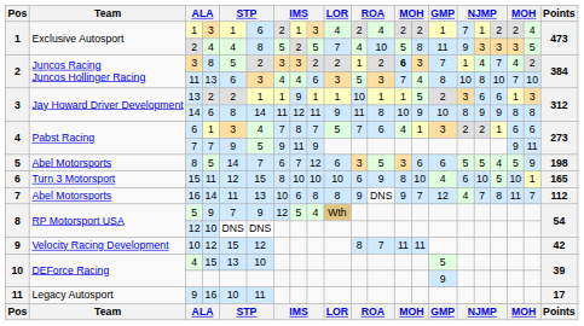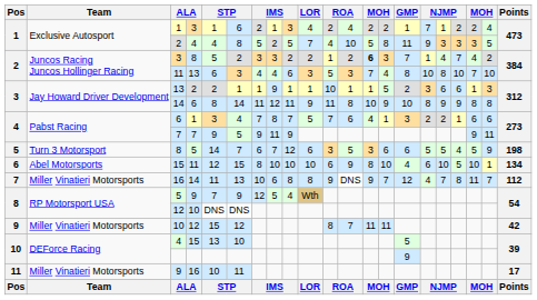 <table class="wikitable" style="font-size:85%;">
 <tr>
 <th>Pos</th>
 <th>Team</th>
 <th colspan="2"><a href='#'>ALA</a></th>
 <th colspan="2"><a href='#'>STP</a></th>
 <th colspan="3"><a href='#'>IMS</a></th>
 <th><a href='#'>LOR</a></th>
 <th colspan="2"><a href='#'>ROA</a></th>
 <th colspan="2"><a href='#'>MOH</a></th>
 <th><a href='#'>GMP</a></th>
 <th colspan="3"><a href='#'>NJMP</a></th>
 <th colspan="2"><a href='#'>MOH</a></th>
 <th>Points</th>
 </tr>
 <tr>
 <th rowspan="2">1</th>
 <td rowspan="2">Exclusive Autosport</td>
 <td style="background:#FFFFBF;" align="center">1</td>
 <td style="background:#FFDF9F;" align="center">3</td>
 <td style="background:#FFFFBF;" align="center">1</td>
 <td style="background:#CFEAFF;" align="center">6</td>
 <td style="background:#DFDFDF;" align="center">2</td>
 <td style="background:#FFFFBF;" align="center">1</td>
 <td style="background:#FFDF9F;" align="center">3</td>
 <td style="background:#DFFFDF;" align="center">4</td>
 <td style="background:#DFDFDF;" align="center">2</td>
 <td style="background:#DFFFDF;" align="center">4</td>
 <td style="background:#DFDFDF;" align="center">2</td>
 <td style="background:#DFDFDF;" align="center">2</td>
 <td style="background:#FFFFBF;" align="center">1</td>
 <td style="background:#CFEAFF;" align="center">7</td>
 <td style="background:#FFFFBF;" align="center">1</td>
 <td style="background:#DFDFDF;" align="center">2</td>
 <td style="background:#DFDFDF;" align="center">2</td>
 <td style="background:#DFFFDF;" align="center">4</td>
 <th rowspan="2">473</th>
 </tr>
 <tr>
 <td style="background:#DFDFDF;" align="center">2</td>
 <td style="background:#DFFFDF;" align="center">4</td>
 <td style="background:#DFFFDF;" align="center">4</td>
 <td style="background:#CFEAFF;" align="center">8</td>
 <td style="background:#DFFFDF;" align="center">5</td>
 <td style="background:#DFDFDF;" align="center">2</td>
 <td style="background:#DFFFDF;" align="center">5</td>
 <td style="background:#CFEAFF;" align="center">7</td>
 <td style="background:#DFFFDF;" align="center">4</td>
 <td style="background:#CFEAFF;" align="center">10</td>
 <td style="background:#DFFFDF;" align="center">5</td>
 <td style="background:#CFEAFF;" align="center">8</td>
 <td style="background:#CFEAFF;" align="center">11</td>
 <td style="background:#CFEAFF;" align="center">9</td>
 <td style="background:#FFDF9F;" align="center">3</td>
 <td style="background:#FFDF9F;" align="center">3</td>
 <td style="background:#FFDF9F;" align="center">3</td>
 <td style="background:#DFFFDF;" align="center">5</td>
 </tr>
 <tr>
 <th rowspan="2">2</th>
 <td rowspan="2"><a href='#'>Juncos Racing</a><br><a href='#'>Juncos Hollinger Racing</a></td>
 <td style="background:#FFDF9F;" align="center">3</td>
 <td style="background:#CFEAFF;" align="center">8</td>
 <td style="background:#DFFFDF;" align="center">5</td>
 <td style="background:#DFDFDF;" align="center">2</td>
 <td style="background:#FFDF9F;" align="center">3</td>
 <td style="background:#FFDF9F;" align="center">3</td>
 <td style="background:#DFDFDF;" align="center">2</td>
 <td style="background:#DFDFDF;" align="center">2</td>
 <td style="background:#FFFFBF;" align="center">1</td>
 <td style="background:#DFDFDF;" align="center">2</td>
 <td style="background:#CFEAFF;" align="center"><strong>6</strong></td>
 <td style="background:#FFDF9F;" align="center">3</td>
 <td style="background:#CFEAFF;" align="center">7</td>
 <td style="background:#FFFFBF;" align="center">1</td>
 <td style="background:#DFFFDF;" align="center">4</td>
 <td style="background:#CFEAFF;" align="center">7</td>
 <td style="background:#DFFFDF;" align="center">4</td>
 <td style="background:#DFDFDF;" align="center">2</td>
 <th rowspan="2">384</th>
 </tr>
 <tr>
 <td style="background:#CFEAFF;" align="center">11</td>
 <td style="background:#CFEAFF;" align="center">13</td>
 <td style="background:#CFEAFF;" align="center">6</td>
 <td style="background:#FFDF9F;" align="center">3</td>
 <td style="background:#DFFFDF;" align="center">4</td>
 <td style="background:#DFFFDF;" align="center">4</td>
 <td style="background:#CFEAFF;" align="center">6</td>
 <td style="background:#FFDF9F;" align="center">3</td>
 <td style="background:#DFFFDF;" align="center">5</td>
 <td style="background:#FFDF9F;" align="center">3</td>
 <td style="background:#CFEAFF;" align="center">7</td>
 <td style="background:#DFFFDF;" align="center">4</td>
 <td style="background:#CFEAFF;" align="center">8</td>
 <td style="background:#CFEAFF;" align="center">10</td>
 <td style="background:#CFEAFF;" align="center">8</td>
 <td style="background:#CFEAFF;" align="center">10</td>
 <td style="background:#CFEAFF;" align="center">7</td>
 <td style="background:#CFEAFF;" align="center">10</td>
 </tr>
 <tr>
 <th rowspan="2">3</th>
 <td rowspan="2"><a href='#'>Jay Howard Driver Development</a></td>
 <td style="background:#CFEAFF;" align="center">13</td>
 <td style="background:#DFDFDF;" align="center">2</td>
 <td style="background:#DFDFDF;" align="center">2</td>
 <td style="background:#FFFFBF;" align="center">1</td>
 <td style="background:#FFFFBF;" align="center">1</td>
 <td style="background:#CFEAFF;" align="center">9</td>
 <td style="background:#FFFFBF;" align="center">1</td>
 <td style="background:#FFFFBF;" align="center">1</td>
 <td style="background:#CFEAFF;" align="center">10</td>
 <td style="background:#FFFFBF;" align="center">1</td>
 <td style="background:#FFFFBF;" align="center">1</td>
 <td style="background:#DFFFDF;" align="center">5</td>
 <td style="background:#DFDFDF;" align="center">2</td>
 <td style="background:#FFDF9F;" align="center">3</td>
 <td style="background:#CFEAFF;" align="center">6</td>
 <td style="background:#CFEAFF;" align="center">6</td>
 <td style="background:#FFFFBF;" align="center">1</td>
 <td style="background:#FFDF9F;" align="center">3</td>
 <th rowspan="2">312</th>
 </tr>
 <tr>
 <td style="background:#CFEAFF;" align="center">14</td>
 <td style="background:#CFEAFF;" align="center">6</td>
 <td style="background:#CFEAFF;" align="center">8</td>
 <td style="background:#CFEAFF;" align="center">14</td>
 <td style="background:#CFEAFF;" align="center">11</td>
 <td style="background:#CFEAFF;" align="center">12</td>
 <td style="background:#CFEAFF;" align="center">11</td>
 <td style="background:#CFEAFF;" align="center">9</td>
 <td style="background:#CFEAFF;" align="center">11</td>
 <td style="background:#CFEAFF;" align="center">8</td>
 <td style="background:#CFEAFF;" align="center">10</td>
 <td style="background:#CFEAFF;" align="center">9</td>
 <td style="background:#CFEAFF;" align="center">10</td>
 <td style="background:#CFEAFF;" align="center">8</td>
 <td style="background:#CFEAFF;" align="center">9</td>
 <td style="background:#CFEAFF;" align="center">9</td>
 <td style="background:#CFEAFF;" align="center">8</td>
 <td style="background:#CFEAFF;" align="center">8</td>
 </tr>
 <tr>
 <th rowspan="2">4</th>
 <td rowspan="2"><a href='#'>Pabst Racing</a></td>
 <td style="background:#CFEAFF;" align="center">6</td>
 <td style="background:#FFFFBF;" align="center">1</td>
 <td style="background:#FFDF9F;" align="center">3</td>
 <td style="background:#DFFFDF;" align="center">4</td>
 <td style="background:#CFEAFF;" align="center">7</td>
 <td style="background:#CFEAFF;" align="center">8</td>
 <td style="background:#CFEAFF;" align="center">7</td>
 <td style="background:#DFFFDF;" align="center">5</td>
 <td style="background:#CFEAFF;" align="center">7</td>
 <td style="background:#CFEAFF;" align="center">6</td>
 <td style="background:#DFFFDF;" align="center">4</td>
 <td style="background:#FFFFBF;" align="center">1</td>
 <td style="background:#FFDF9F;" align="center">3</td>
 <td style="background:#DFDFDF;" align="center">2</td>
 <td style="background:#DFDFDF;" align="center">2</td>
 <td style="background:#FFFFBF;" align="center">1</td>
 <td style="background:#CFEAFF;" align="center">6</td>
 <td style="background:#CFEAFF;" align="center">6</td>
 <th rowspan="2">273</th>
 </tr>
 <tr>
 <td style="background:#CFEAFF;" align="center">7</td>
 <td style="background:#CFEAFF;" align="center">7</td>
 <td style="background:#CFEAFF;" align="center">9</td>
 <td style="background:#DFFFDF;" align="center">5</td>
 <td style="background:#CFEAFF;" align="center">9</td>
 <td style="background:#CFEAFF;" align="center">11</td>
 <td style="background:#CFEAFF;" align="center">9</td>
 <td></td>
 <td></td>
 <td></td>
 <td></td>
 <td></td>
 <td></td>
 <td></td>
 <td></td>
 <td></td>
 <td style="background:#CFEAFF;" align="center">9</td>
 <td style="background:#CFEAFF;" align="center">11</td>
 </tr>
 <tr>
 <th>5</th>
-<td><a href='#'>Abel Motorsports</a></td>
+<td><a href='#'>Turn 3 Motorsport</a></td>
 <td style="background:#CFEAFF;" align="center">8</td>
 <td style="background:#DFFFDF;" align="center">5</td>
 <td style="background:#CFEAFF;" align="center">14</td>
 <td style="background:#CFEAFF;" align="center">7</td>
 <td style="background:#CFEAFF;" align="center">6</td>
 <td style="background:#CFEAFF;" align="center">7</td>
 <td style="background:#CFEAFF;" align="center">12</td>
 <td style="background:#CFEAFF;" align="center">6</td>
 <td style="background:#FFDF9F;" align="center">3</td>
 <td style="background:#DFFFDF;" align="center">5</td>
 <td style="background:#FFDF9F;" align="center">3</td>
 <td style="background:#CFEAFF;" align="center">6</td>
 <td style="background:#CFEAFF;" align="center">6</td>
 <td style="background:#DFFFDF;" align="center">5</td>
 <td style="background:#DFFFDF;" align="center">5</td>
 <td style="background:#DFFFDF;" align="center">4</td>
 <td style="background:#DFFFDF;" align="center">5</td>
 <td style="background:#CFEAFF;" align="center">9</td>
 <th>198</th>
 </tr>
 <tr>
 <th>6</th>
-<td><a href='#'>Turn 3 Motorsport</a></td>
+<td><a href='#'>Abel Motorsports</a></td>
 <td style="background:#CFEAFF;" align="center">15</td>
 <td style="background:#CFEAFF;" align="center">11</td>
 <td style="background:#CFEAFF;" align="center">12</td>
 <td style="background:#CFEAFF;" align="center">15</td>
 <td style="background:#CFEAFF;" align="center">8</td>
 <td style="background:#CFEAFF;" align="center">10</td>
 <td style="background:#CFEAFF;" align="center">10</td>
 <td style="background:#CFEAFF;" align="center">10</td>
 <td style="background:#CFEAFF;" align="center">6</td>
 <td style="background:#CFEAFF;" align="center">9</td>
 <td style="background:#CFEAFF;" align="center">8</td>
 <td style="background:#CFEAFF;" align="center">10</td>
 <td style="background:#DFFFDF;" align="center">4</td>
 <td style="background:#CFEAFF;" align="center">6</td>
 <td style="background:#CFEAFF;" align="center">10</td>
 <td style="background:#DFFFDF;" align="center">5</td>
 <td style="background:#CFEAFF;" align="center">10</td>
 <td style="background:#FFFFBF;" align="center">1</td>
-<th>165</th>
+<th>134</th>
 </tr>
 <tr>
 <th>7</th>
-<td><a href='#'>Abel Motorsports</a></td>
+<td><a href='#'>Miller</a> <a href='#'>Vinatieri</a> Motorsports</td>
 <td style="background:#CFEAFF;" align="center">16</td>
 <td style="background:#CFEAFF;" align="center">14</td>
 <td style="background:#CFEAFF;" align="center">11</td>
 <td style="background:#CFEAFF;" align="center">13</td>
 <td style="background:#CFEAFF;" align="center">10</td>
 <td style="background:#CFEAFF;" align="center">6</td>
 <td style="background:#CFEAFF;" align="center">8</td>
 <td style="background:#CFEAFF;" align="center">8</td>
 <td style="background:#CFEAFF;" align="center">9</td>
 <td style="background:#FFFFFF;" align="center">DNS</td>
 <td style="background:#CFEAFF;" align="center">9</td>
 <td style="background:#CFEAFF;" align="center">7</td>
 <td style="background:#CFEAFF;" align="center">12</td>
 <td style="background:#DFFFDF;" align="center">4</td>
 <td style="background:#CFEAFF;" align="center">7</td>
 <td style="background:#CFEAFF;" align="center">8</td>
 <td style="background:#CFEAFF;" align="center">11</td>
 <td style="background:#CFEAFF;" align="center">7</td>
 <th>112</th>
 </tr>
 <tr>
 <th rowspan="2">8</th>
 <td rowspan="2"><a href='#'>RP Motorsport USA</a></td>
 <td style="background:#DFFFDF;" align="center">5</td>
 <td style="background:#CFEAFF;" align="center">9</td>
 <td style="background:#CFEAFF;" align="center">7</td>
 <td style="background:#CFEAFF;" align="center">9</td>
 <td style="background:#CFEAFF;" align="center">12</td>
 <td style="background:#DFFFDF;" align="center">5</td>
 <td style="background:#DFFFDF;" align="center">4</td>
 <td style="background:#DFC484;" align="center">Wth</td>
 <td></td>
 <td></td>
 <td></td>
 <td></td>
 <td></td>
 <td></td>
 <td></td>
 <td></td>
 <td></td>
 <td></td>
 <th rowspan="2">54</th>
 </tr>
 <tr>
 <td style="background:#CFEAFF;" align="center">12</td>
 <td style="background:#CFEAFF;" align="center">10</td>
 <td style="background:#FFFFFF;" align="center">DNS</td>
 <td style="background:#FFFFFF;" align="center">DNS</td>
 <td></td>
 <td></td>
 <td></td>
 <td></td>
 <td></td>
 <td></td>
 <td></td>
 <td></td>
 <td></td>
 <td></td>
 <td></td>
 <td></td>
 <td></td>
 <td></td>
 </tr>
 <tr>
 <th>9</th>
-<td><a href='#'>Velocity Racing Development</a></td>
+<td><a href='#'>Miller</a> <a href='#'>Vinatieri</a> Motorsports</td>
 <td style="background:#CFEAFF;" align="center">10</td>
 <td style="background:#CFEAFF;" align="center">12</td>
 <td style="background:#CFEAFF;" align="center">15</td>
 <td style="background:#CFEAFF;" align="center">12</td>
 <td></td>
 <td></td>
 <td></td>
 <td></td>
 <td style="background:#CFEAFF;" align="center">8</td>
 <td style="background:#CFEAFF;" align="center">7</td>
 <td style="background:#CFEAFF;" align="center">11</td>
 <td style="background:#CFEAFF;" align="center">11</td>
 <td></td>
 <td></td>
 <td></td>
 <td></td>
 <td></td>
 <td></td>
 <th>42</th>
 </tr>
 <tr>
 <th rowspan="2">10</th>
 <td rowspan="2"><a href='#'>DEForce Racing</a></td>
 <td style="background:#DFFFDF;" align="center">4</td>
 <td style="background:#CFEAFF;" align="center">15</td>
 <td style="background:#CFEAFF;" align="center">13</td>
 <td style="background:#CFEAFF;" align="center">10</td>
 <td></td>
 <td></td>
 <td></td>
 <td></td>
 <td></td>
 <td></td>
 <td></td>
 <td></td>
 <td style="background:#DFFFDF;" align="center">5</td>
 <td></td>
 <td></td>
 <td></td>
 <td></td>
 <td></td>
 <th rowspan="2">39</th>
 </tr>
 <tr>
 <td></td>
 <td></td>
 <td></td>
 <td></td>
 <td></td>
 <td></td>
 <td></td>
 <td></td>
 <td></td>
 <td></td>
 <td></td>
 <td></td>
 <td style="background:#CFEAFF;" align="center">9</td>
 <td></td>
 <td></td>
 <td></td>
 <td></td>
 <td></td>
 </tr>
 <tr>
 <th>11</th>
-<td>Legacy Autosport</td>
+<td><a href='#'>Miller</a> <a href='#'>Vinatieri</a> Motorsports</td>
 <td style="background:#CFEAFF;" align="center">9</td>
 <td style="background:#CFEAFF;" align="center">16</td>
 <td style="background:#CFEAFF;" align="center">10</td>
 <td style="background:#CFEAFF;" align="center">11</td>
 <td></td>
 <td></td>
 <td></td>
 <td></td>
 <td></td>
 <td></td>
 <td></td>
 <td></td>
 <td></td>
 <td></td>
 <td></td>
 <td></td>
 <td></td>
 <td></td>
 <th>17</th>
 </tr>
 <tr>
 <th>Pos</th>
 <th>Team</th>
 <th colspan="2"><a href='#'>ALA</a></th>
 <th colspan="2"><a href='#'>STP</a></th>
 <th colspan="3"><a href='#'>IMS</a></th>
 <th><a href='#'>LOR</a></th>
 <th colspan="2"><a href='#'>ROA</a></th>
 <th colspan="2"><a href='#'>MOH</a></th>
 <th><a href='#'>GMP</a></th>
 <th colspan="3"><a href='#'>NJMP</a></th>
 <th colspan="2"><a href='#'>MOH</a></th>
 <th>Points</th>
 </tr>
 </table>
